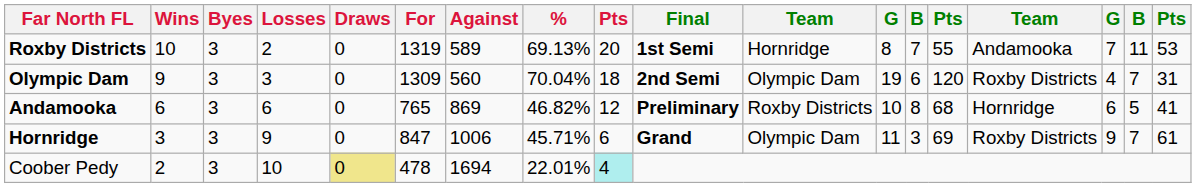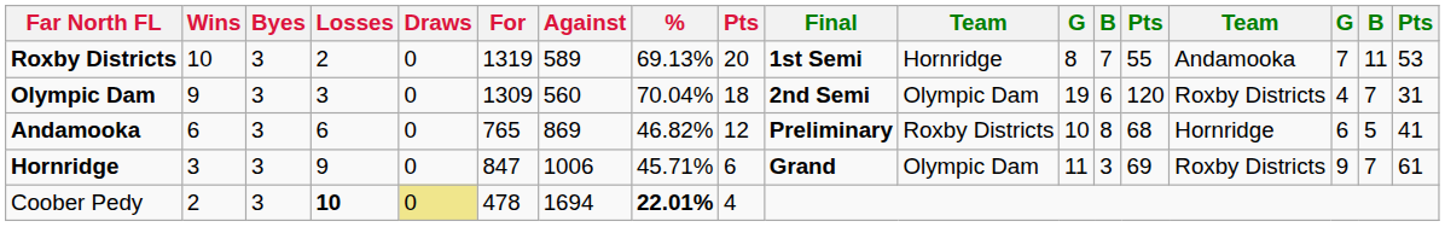 <table class="wikitable">
 <tr>
 <th style="color:crimson">Far North FL</th>
 <th style="color:crimson">Wins</th>
 <th style="color:crimson">Byes</th>
 <th style="color:crimson">Losses</th>
 <th style="color:crimson">Draws</th>
 <th style="color:crimson">For</th>
 <th style="color:crimson">Against</th>
 <th style="color:crimson">%</th>
 <th style="color:crimson">Pts</th>
 <th style="color:green">Final</th>
 <th style="color:green">Team</th>
 <th style="color:green">G</th>
 <th style="color:green">B</th>
 <th style="color:green">Pts</th>
 <th style="color:green">Team</th>
 <th style="color:green">G</th>
 <th style="color:green">B</th>
 <th style="color:green">Pts</th>
 </tr>
 <tr>
 <td><strong>	Roxby Districts	</strong></td>
 <td>10</td>
 <td>3</td>
 <td>2</td>
 <td>0</td>
 <td>1319</td>
 <td>589</td>
 <td>69.13%</td>
 <td>20</td>
 <td><strong>1st Semi</strong></td>
 <td>Hornridge</td>
 <td>8</td>
 <td>7</td>
 <td>55</td>
 <td>Andamooka</td>
 <td>7</td>
 <td>11</td>
 <td>53</td>
 </tr>
 <tr>
 <td><strong>	Olympic Dam	</strong></td>
 <td>9</td>
 <td>3</td>
 <td>3</td>
 <td>0</td>
 <td>1309</td>
 <td>560</td>
 <td>70.04%</td>
 <td>18</td>
 <td><strong>2nd Semi</strong></td>
 <td>Olympic Dam</td>
 <td>19</td>
 <td>6</td>
 <td>120</td>
 <td>Roxby Districts</td>
 <td>4</td>
 <td>7</td>
 <td>31</td>
 </tr>
 <tr>
 <td><strong>	Andamooka	</strong></td>
 <td>6</td>
 <td>3</td>
 <td>6</td>
 <td>0</td>
 <td>765</td>
 <td>869</td>
 <td>46.82%</td>
 <td>12</td>
 <td><strong>Preliminary</strong></td>
 <td>Roxby Districts</td>
 <td>10</td>
 <td>8</td>
 <td>68</td>
 <td>Hornridge</td>
 <td>6</td>
 <td>5</td>
 <td>41</td>
 </tr>
 <tr>
 <td><strong>	Hornridge	</strong></td>
 <td>3</td>
 <td>3</td>
 <td>9</td>
 <td>0</td>
 <td>847</td>
 <td>1006</td>
 <td>45.71%</td>
 <td>6</td>
 <td><strong>Grand</strong></td>
 <td>Olympic Dam</td>
 <td>11</td>
 <td>3</td>
 <td>69</td>
 <td>Roxby Districts</td>
 <td>9</td>
 <td>7</td>
 <td>61</td>
 </tr>
 <tr>
 <td>Coober Pedy</td>
 <td>2</td>
 <td>3</td>
-<td>10</td>
+<td><strong>10</strong></td>
 <td style="background: khaki;">0</td>
 <td>478</td>
 <td>1694</td>
-<td>22.01%</td>
-<td style="background: paleturquoise;">4</td>
+<td><strong>22.01%</strong></td>
+<td>4</td>
 </tr>
 </table>
